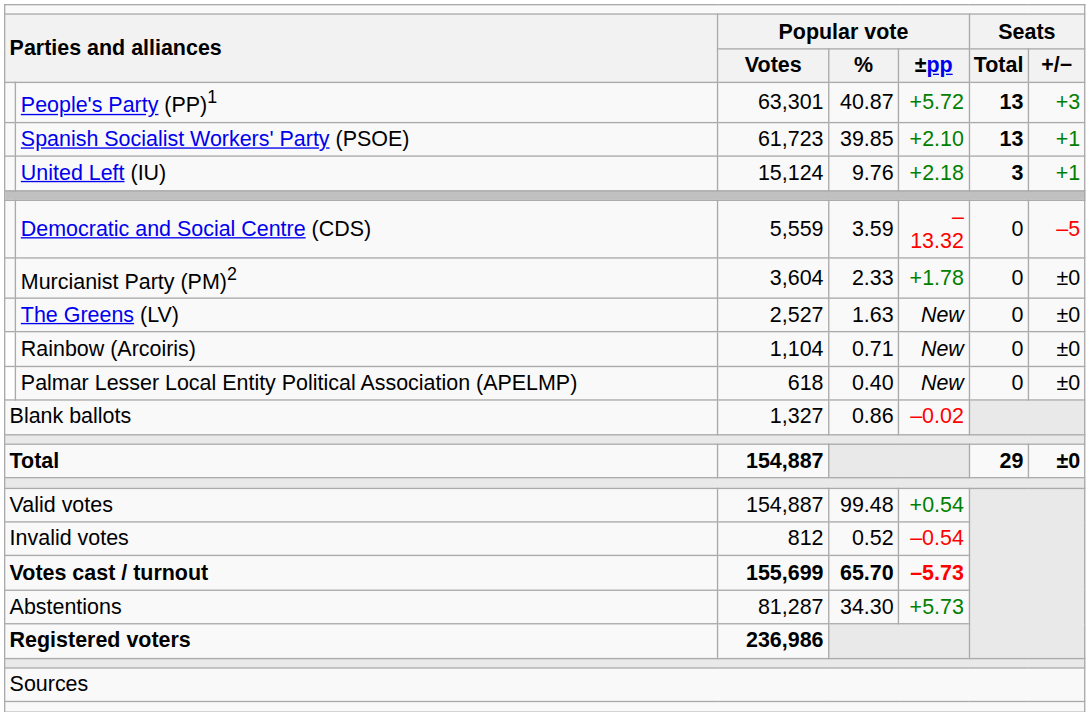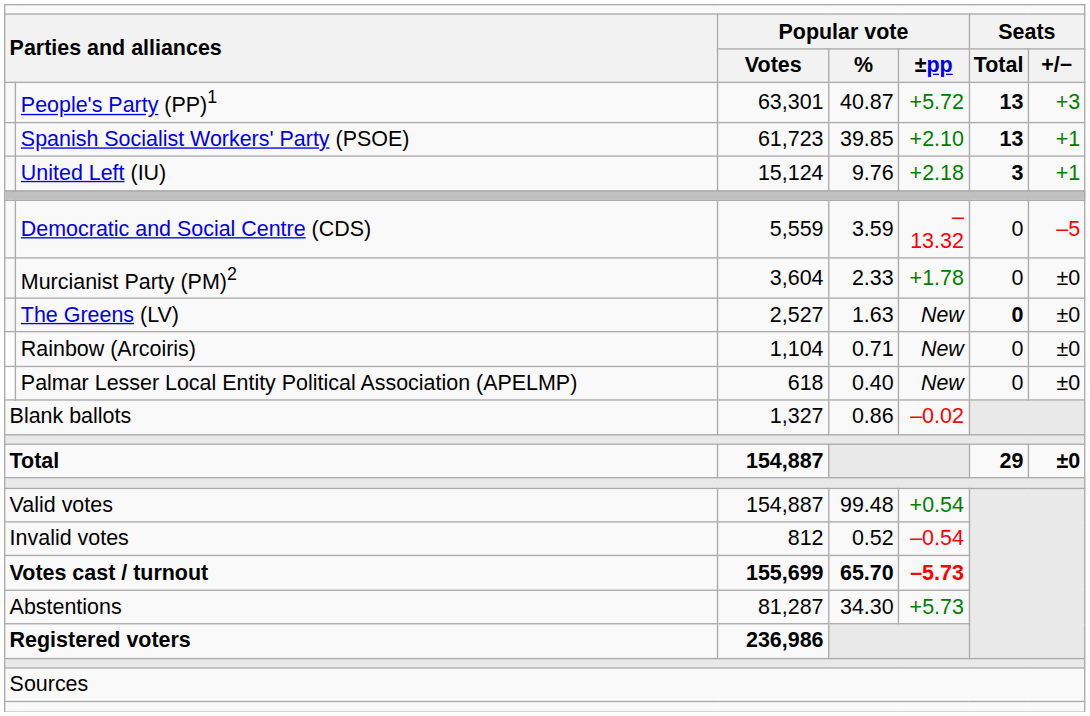 <table class="wikitable" style="text-align:right;">
 <tr>
 <td colspan="7"></td>
 </tr>
 <tr>
 <th style="text-align:left;" rowspan="2" colspan="2" width="525">Parties and alliances</th>
 <th colspan="3">Popular vote</th>
 <th colspan="2">Seats</th>
 </tr>
 <tr>
 <th width="75">Votes</th>
 <th width="45">%</th>
 <th width="45">±<a href='#'>pp</a></th>
 <th width="35">Total</th>
 <th width="35">+/−</th>
 </tr>
 <tr>
 <td width="1" style="color:inherit;background:"></td>
 <td align="left"><a href='#'>People's Party</a> (PP)<sup>1</sup></td>
 <td>63,301</td>
 <td>40.87</td>
 <td style="color:green;">+5.72</td>
 <td><strong>13</strong></td>
 <td style="color:green;">+3</td>
 </tr>
 <tr>
 <td style="color:inherit;background:"></td>
 <td align="left"><a href='#'>Spanish Socialist Workers' Party</a> (PSOE)</td>
 <td>61,723</td>
 <td>39.85</td>
 <td style="color:green;">+2.10</td>
 <td><strong>13</strong></td>
 <td style="color:green;">+1</td>
 </tr>
 <tr>
 <td style="color:inherit;background:"></td>
 <td align="left"><a href='#'>United Left</a> (IU)</td>
 <td>15,124</td>
 <td>9.76</td>
 <td style="color:green;">+2.18</td>
 <td><strong>3</strong></td>
 <td style="color:green;">+1</td>
 </tr>
 <tr>
 <td colspan="7" bgcolor="#C0C0C0"></td>
 </tr>
 <tr>
 <td style="color:inherit;background:"></td>
 <td align="left"><a href='#'>Democratic and Social Centre</a> (CDS)</td>
 <td>5,559</td>
 <td>3.59</td>
 <td style="color:red;">–13.32</td>
 <td>0</td>
 <td style="color:red;">–5</td>
 </tr>
 <tr>
 <td style="color:inherit;background:"></td>
 <td align="left">Murcianist Party (PM)<sup>2</sup></td>
 <td>3,604</td>
 <td>2.33</td>
 <td style="color:green;">+1.78</td>
 <td>0</td>
 <td>±0</td>
 </tr>
 <tr>
 <td style="color:inherit;background:"></td>
 <td align="left"><a href='#'>The Greens</a> (LV)</td>
 <td>2,527</td>
 <td>1.63</td>
 <td><em>New</em></td>
-<td>0</td>
+<td><strong>0</strong></td>
 <td>±0</td>
 </tr>
 <tr>
 <td bgcolor="white"></td>
 <td align="left">Rainbow (Arcoiris)</td>
 <td>1,104</td>
 <td>0.71</td>
 <td><em>New</em></td>
 <td>0</td>
 <td>±0</td>
 </tr>
 <tr>
 <td bgcolor="white"></td>
 <td align="left">Palmar Lesser Local Entity Political Association (APELMP)</td>
 <td>618</td>
 <td>0.40</td>
 <td><em>New</em></td>
 <td>0</td>
 <td>±0</td>
 </tr>
 <tr>
 <td align="left" colspan="2">Blank ballots</td>
 <td>1,327</td>
 <td>0.86</td>
 <td style="color:red;">–0.02</td>
 <td bgcolor="#E9E9E9" colspan="2"></td>
 </tr>
 <tr>
 <td colspan="7" bgcolor="#E9E9E9"></td>
 </tr>
 <tr style="font-weight:bold;">
 <td align="left" colspan="2">Total</td>
 <td>154,887</td>
 <td bgcolor="#E9E9E9" colspan="2"></td>
 <td>29</td>
 <td>±0</td>
 </tr>
 <tr>
 <td colspan="7" bgcolor="#E9E9E9"></td>
 </tr>
 <tr>
 <td align="left" colspan="2">Valid votes</td>
 <td>154,887</td>
 <td>99.48</td>
 <td style="color:green;">+0.54</td>
 <td bgcolor="#E9E9E9" colspan="2" rowspan="5"></td>
 </tr>
 <tr>
 <td align="left" colspan="2">Invalid votes</td>
 <td>812</td>
 <td>0.52</td>
 <td style="color:red;">–0.54</td>
 </tr>
 <tr style="font-weight:bold;">
 <td align="left" colspan="2">Votes cast / turnout</td>
 <td>155,699</td>
 <td>65.70</td>
 <td style="color:red;">–5.73</td>
 </tr>
 <tr>
 <td align="left" colspan="2">Abstentions</td>
 <td>81,287</td>
 <td>34.30</td>
 <td style="color:green;">+5.73</td>
 </tr>
 <tr style="font-weight:bold;">
 <td align="left" colspan="2">Registered voters</td>
 <td>236,986</td>
 <td bgcolor="#E9E9E9" colspan="2"></td>
 </tr>
 <tr>
 <td colspan="7" bgcolor="#E9E9E9"></td>
 </tr>
 <tr>
 <td align="left" colspan="7">Sources</td>
 </tr>
 <tr>
 <td colspan="7" style="text-align:left; max-width:790px;"></td>
 </tr>
 </table>
